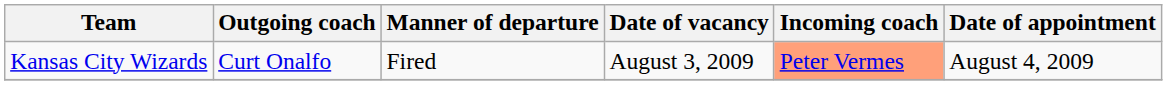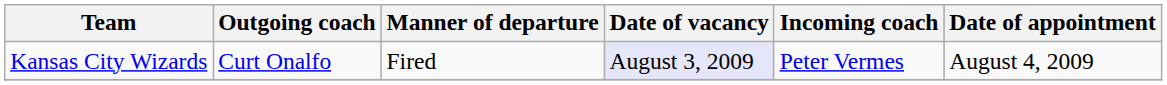 <table class="wikitable sortable">
 <tr>
 <th>Team</th>
 <th>Outgoing coach</th>
 <th>Manner of departure</th>
 <th>Date of vacancy</th>
 <th>Incoming coach</th>
 <th>Date of appointment</th>
 </tr>
 <tr>
 <td><a href='#'>Kansas City Wizards</a></td>
 <td> <a href='#'>Curt Onalfo</a></td>
 <td>Fired</td>
-<td>August 3, 2009</td>
-<td style="background: lightsalmon;"> <a href='#'>Peter Vermes</a></td>
+<td style="background: lavender;">August 3, 2009</td>
+<td> <a href='#'>Peter Vermes</a></td>
 <td>August 4, 2009</td>
 </tr>
 <tr>
 </tr>
 </table>
